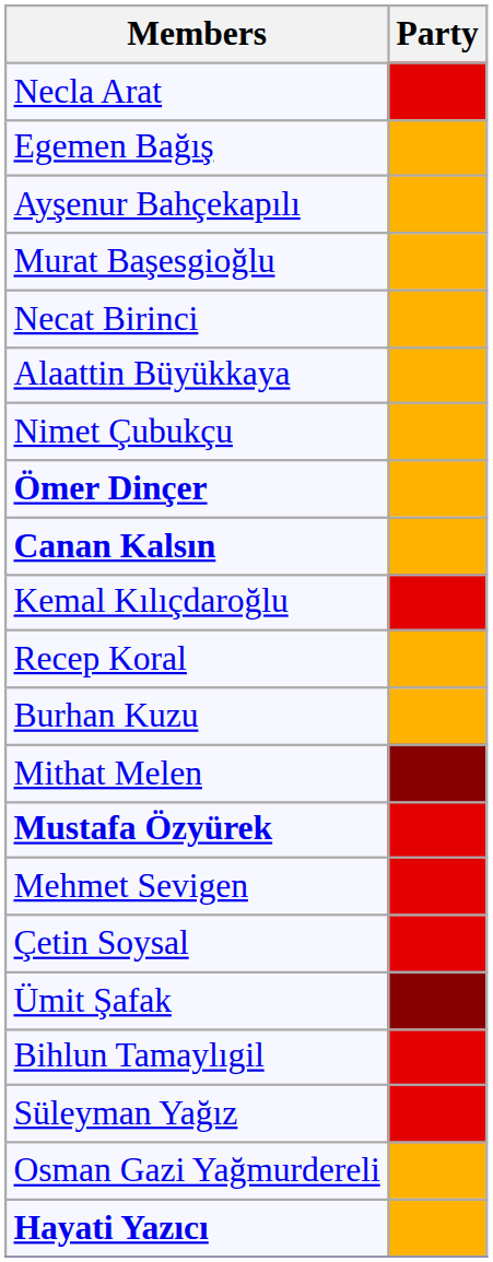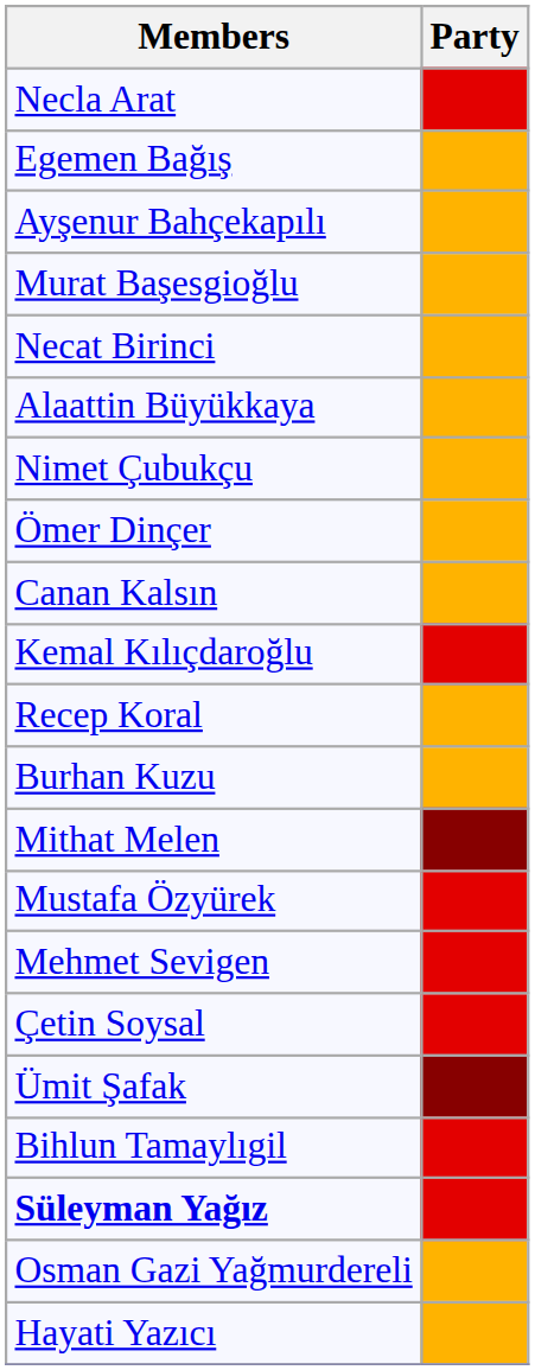 <table class=wikitable style="border:1px solid #8888aa; background-color:#f7f8ff; padding:0px; font-size:90%;">
 <tr>
 <th>Members</th>
 <th colspan="2">Party</th>
 </tr>
 <tr>
 <td><a href='#'>Necla Arat</a></td>
 <td style="background: #e30000"></td>
 </tr>
 <tr>
 <td><a href='#'>Egemen Bağış</a></td>
 <td style="background: #ffb300"></td>
 </tr>
 <tr>
 <td><a href='#'>Ayşenur Bahçekapılı</a></td>
 <td style="background: #ffb300"></td>
 </tr>
 <tr>
 <td><a href='#'>Murat Başesgioğlu</a></td>
 <td style="background: #ffb300"></td>
 </tr>
 <tr>
 <td><a href='#'>Necat Birinci</a></td>
 <td style="background: #ffb300"></td>
 </tr>
 <tr>
 <td><a href='#'>Alaattin Büyükkaya</a></td>
 <td style="background: #ffb300"></td>
 </tr>
 <tr>
 <td><a href='#'>Nimet Çubukçu</a></td>
 <td style="background: #ffb300"></td>
 </tr>
 <tr>
-<td><strong><a href='#'>Ömer Dinçer</a></strong></td>
+<td><a href='#'>Ömer Dinçer</a></td>
 <td style="background: #ffb300"></td>
 </tr>
 <tr>
-<td><strong><a href='#'>Canan Kalsın</a></strong></td>
+<td><a href='#'>Canan Kalsın</a></td>
 <td style="background: #ffb300"></td>
 </tr>
 <tr>
 <td><a href='#'>Kemal Kılıçdaroğlu</a></td>
 <td style="background: #e30000"></td>
 </tr>
 <tr>
 <td><a href='#'>Recep Koral</a></td>
 <td style="background: #ffb300"></td>
 </tr>
 <tr>
 <td><a href='#'>Burhan Kuzu</a></td>
 <td style="background: #ffb300"></td>
 </tr>
 <tr>
 <td><a href='#'>Mithat Melen</a></td>
 <td style="background: #870000"></td>
 </tr>
 <tr>
-<td><strong><a href='#'>Mustafa Özyürek</a></strong></td>
+<td><a href='#'>Mustafa Özyürek</a></td>
 <td style="background: #e30000"></td>
 </tr>
 <tr>
 <td><a href='#'>Mehmet Sevigen</a></td>
 <td style="background: #e30000"></td>
 </tr>
 <tr>
 <td><a href='#'>Çetin Soysal</a></td>
 <td style="background: #e30000"></td>
 </tr>
 <tr>
 <td><a href='#'>Ümit Şafak</a></td>
 <td style="background: #870000"></td>
 </tr>
 <tr>
 <td><a href='#'>Bihlun Tamaylıgil</a></td>
 <td style="background: #e30000"></td>
 </tr>
 <tr>
-<td><a href='#'>Süleyman Yağız</a></td>
+<td><strong><a href='#'>Süleyman Yağız</a></strong></td>
 <td style="background: #e30000"></td>
 </tr>
 <tr>
 <td><a href='#'>Osman Gazi Yağmurdereli</a></td>
 <td style="background: #ffb300"></td>
 </tr>
 <tr>
-<td><strong><a href='#'>Hayati Yazıcı</a></strong></td>
+<td><a href='#'>Hayati Yazıcı</a></td>
 <td style="background: #ffb300"></td>
 </tr>
 <tr>
 </tr>
 </table>
